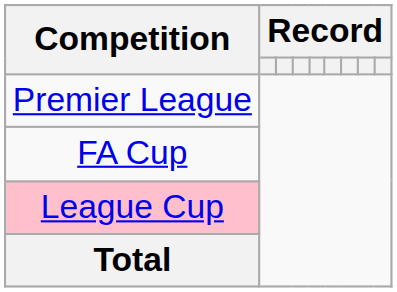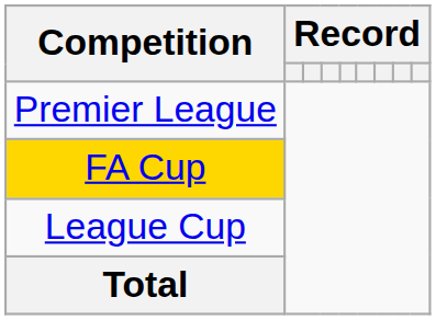 <table class="wikitable" style="text-align: center">
 <tr>
 <th rowspan=2>Competition</th>
 <th colspan=8>Record</th>
 </tr>
 <tr>
 <th></th>
 <th></th>
 <th></th>
 <th></th>
 <th></th>
 <th></th>
 <th></th>
 <th></th>
 </tr>
 <tr>
 <td><a href='#'>Premier League</a><br></td>
 </tr>
 <tr>
-<td><a href='#'>FA Cup</a><br></td>
+<td style="background: gold;"><a href='#'>FA Cup</a><br></td>
 </tr>
 <tr>
-<td style="background: pink;"><a href='#'>League Cup</a><br></td>
+<td><a href='#'>League Cup</a><br></td>
 </tr>
 <tr>
 <th>Total<br></th>
 </tr>
 </table>
